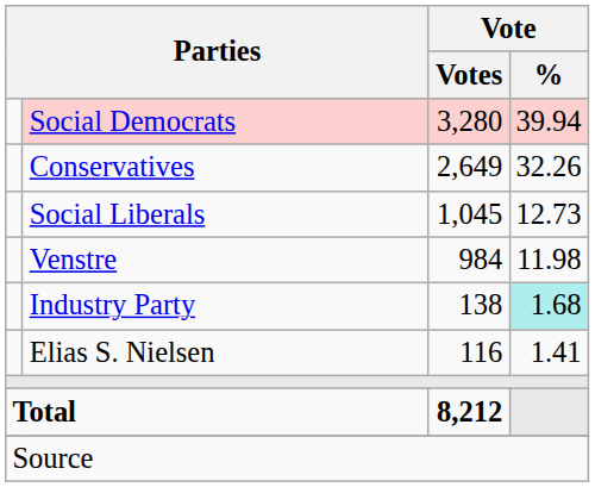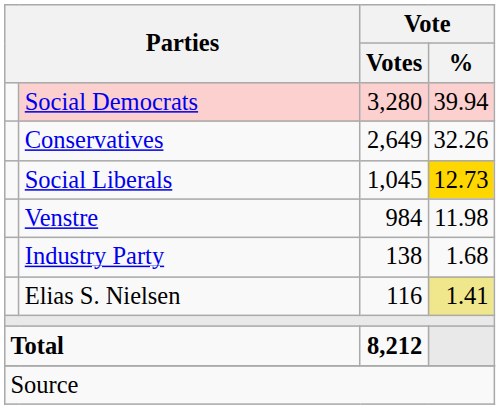 <table class="wikitable" style="text-align:right;">
 <tr>
 <th style="text-align:centre;" rowspan="2" colspan="2" width="225">Parties</th>
 <th colspan="3">Vote</th>
 </tr>
 <tr>
 <th width="15">Votes</th>
 <th width="15">%</th>
 </tr>
 <tr>
 <td width="2" style="color:inherit;background:"></td>
 <td bgcolor=#fbd0ce  align="left"><a href='#'>Social Democrats</a></td>
 <td bgcolor=#fbd0ce>3,280</td>
 <td bgcolor=#fbd0ce>39.94</td>
 </tr>
 <tr>
 <td width="2" style="color:inherit;background:"></td>
 <td align="left"><a href='#'>Conservatives</a></td>
 <td>2,649</td>
 <td>32.26</td>
 </tr>
 <tr>
 <td width="2" style="color:inherit;background:"></td>
 <td align="left"><a href='#'>Social Liberals</a></td>
 <td>1,045</td>
-<td>12.73</td>
+<td style="background: gold;">12.73</td>
 </tr>
 <tr>
 <td width="2" style="color:inherit;background:"></td>
 <td align="left"><a href='#'>Venstre</a></td>
 <td>984</td>
 <td>11.98</td>
 </tr>
 <tr>
 <td width="2" style="color:inherit;background:"></td>
 <td align="left"><a href='#'>Industry Party</a></td>
 <td>138</td>
-<td style="background: paleturquoise;">1.68</td>
+<td>1.68</td>
 </tr>
 <tr>
 <td width="2" style="color:inherit;background:"></td>
 <td align="left">Elias S. Nielsen</td>
 <td>116</td>
-<td>1.41</td>
+<td style="background: khaki;">1.41</td>
 </tr>
 <tr>
 <td colspan="7" bgcolor="#E9E9E9"></td>
 </tr>
 <tr>
 <td align="left" colspan="2"><strong>Total</strong></td>
 <td><strong>8,212</strong></td>
 <td bgcolor="#E9E9E9" colspan="2"></td>
 </tr>
 <tr>
 </tr>
 <tr>
 <td align="left" colspan="6">Source</td>
 </tr>
 </table>
